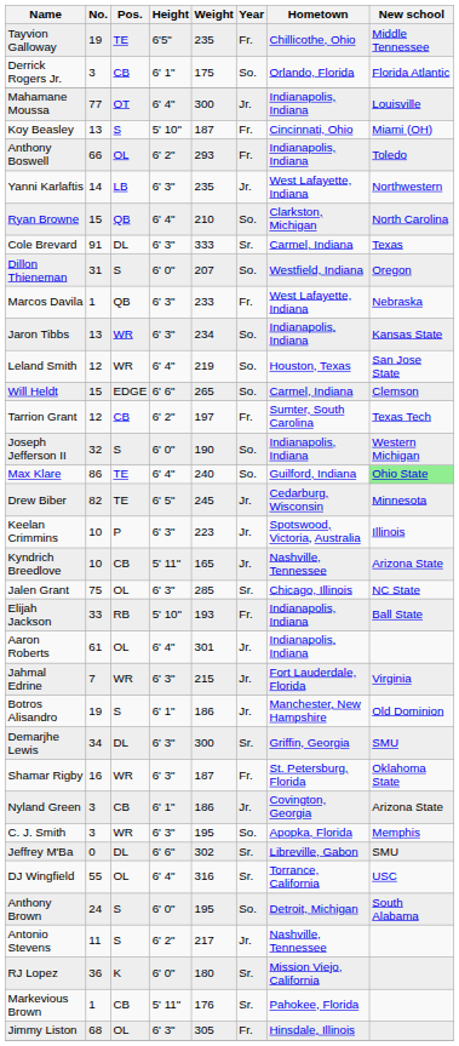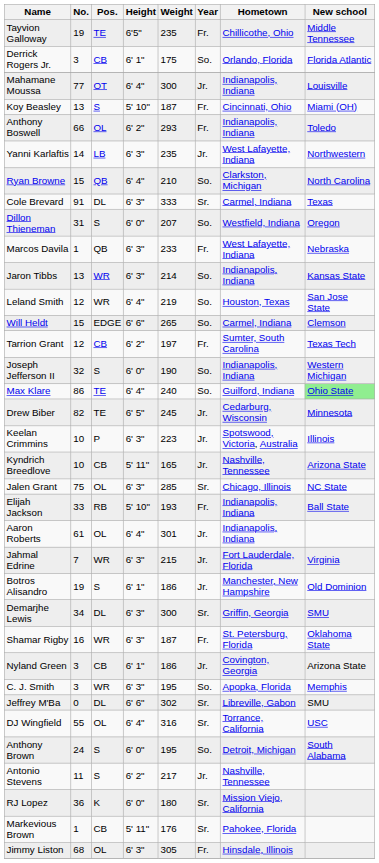 <table class="wikitable sortable" style="text-align:left">
 <tr>
 <th>Name</th>
 <th>No.</th>
 <th>Pos.</th>
 <th>Height</th>
 <th>Weight</th>
 <th>Year</th>
 <th>Hometown</th>
 <th>New school</th>
 </tr>
 <tr style="background:#eeeeee;">
 <td>Tayvion Galloway</td>
 <td>19</td>
 <td><a href='#'>TE</a></td>
 <td>6'5"</td>
 <td>235</td>
 <td>Fr.</td>
 <td><a href='#'>Chillicothe, Ohio</a></td>
 <td><a href='#'>Middle Tennessee</a></td>
 </tr>
 <tr>
 <td>Derrick Rogers Jr.</td>
 <td>3</td>
 <td><a href='#'>CB</a></td>
 <td>6' 1"</td>
 <td>175</td>
 <td>So.</td>
 <td><a href='#'>Orlando, Florida</a></td>
 <td><a href='#'>Florida Atlantic</a></td>
 </tr>
 <tr>
 </tr>
 <tr style="background:#eeeeee;">
 <td>Mahamane Moussa</td>
 <td>77</td>
 <td><a href='#'>OT</a></td>
 <td>6' 4"</td>
 <td>300</td>
 <td> Jr.</td>
 <td><a href='#'>Indianapolis, Indiana</a></td>
 <td><a href='#'>Louisville</a></td>
 </tr>
 <tr>
 <td>Koy Beasley</td>
 <td>13</td>
 <td><a href='#'>S</a></td>
 <td>5' 10"</td>
 <td>187</td>
 <td>Fr.</td>
 <td><a href='#'>Cincinnati, Ohio</a></td>
 <td><a href='#'>Miami (OH)</a></td>
 </tr>
 <tr style="background:#eeeeee;">
 <td>Anthony Boswell</td>
 <td>66</td>
 <td><a href='#'>OL</a></td>
 <td>6' 2"</td>
 <td>293</td>
 <td>Fr.</td>
 <td><a href='#'>Indianapolis, Indiana</a></td>
 <td><a href='#'>Toledo</a></td>
 </tr>
 <tr>
 <td>Yanni Karlaftis</td>
 <td>14</td>
 <td><a href='#'>LB</a></td>
 <td>6' 3"</td>
 <td>235</td>
 <td> Jr.</td>
 <td><a href='#'>West Lafayette, Indiana</a></td>
 <td><a href='#'>Northwestern</a></td>
 </tr>
 <tr style="background:#eeeeee;">
 <td><a href='#'>Ryan Browne</a></td>
 <td>15</td>
 <td><a href='#'>QB</a></td>
 <td>6' 4"</td>
 <td>210</td>
 <td>So.</td>
 <td><a href='#'>Clarkston, Michigan</a></td>
 <td><a href='#'>North Carolina</a></td>
 </tr>
 <tr>
 <td>Cole Brevard</td>
 <td>91</td>
 <td>DL</td>
 <td>6' 3"</td>
 <td>333</td>
 <td> Sr.</td>
 <td><a href='#'>Carmel, Indiana</a></td>
 <td><a href='#'>Texas</a></td>
 </tr>
 <tr style="background:#eeeeee;">
 <td><a href='#'>Dillon Thieneman</a></td>
 <td>31</td>
 <td>S</td>
 <td>6' 0"</td>
 <td>207</td>
 <td>So.</td>
 <td><a href='#'>Westfield, Indiana</a></td>
 <td><a href='#'>Oregon</a></td>
 </tr>
 <tr>
 <td>Marcos Davila</td>
 <td>1</td>
 <td>QB</td>
 <td>6' 3"</td>
 <td>233</td>
 <td>Fr.</td>
 <td><a href='#'>West Lafayette, Indiana</a></td>
 <td><a href='#'>Nebraska</a></td>
 </tr>
 <tr style="background:#eeeeee;">
 <td>Jaron Tibbs</td>
 <td>13</td>
 <td><a href='#'>WR</a></td>
 <td>6' 3"</td>
-<td>234</td>
+<td>214</td>
 <td>So.</td>
 <td><a href='#'>Indianapolis, Indiana</a></td>
 <td><a href='#'>Kansas State</a></td>
 </tr>
 <tr>
 <td>Leland Smith</td>
 <td>12</td>
 <td>WR</td>
 <td>6' 4"</td>
 <td>219</td>
 <td>So.</td>
 <td><a href='#'>Houston, Texas</a></td>
 <td><a href='#'>San Jose State</a></td>
 </tr>
 <tr style="background:#eeeeee;">
 <td><a href='#'>Will Heldt</a></td>
 <td>15</td>
 <td>EDGE</td>
 <td>6' 6"</td>
 <td>265</td>
 <td>So.</td>
 <td><a href='#'>Carmel, Indiana</a></td>
 <td><a href='#'>Clemson</a></td>
 </tr>
 <tr>
 <td>Tarrion Grant</td>
 <td>12</td>
 <td><a href='#'>CB</a></td>
 <td>6' 2"</td>
 <td>197</td>
 <td>Fr.</td>
 <td><a href='#'>Sumter, South Carolina</a></td>
 <td><a href='#'>Texas Tech</a></td>
 </tr>
 <tr style="background:#eeeeee;">
 <td>Joseph Jefferson II</td>
 <td>32</td>
 <td>S</td>
 <td>6' 0"</td>
 <td>190</td>
 <td> So.</td>
 <td><a href='#'>Indianapolis, Indiana</a></td>
 <td><a href='#'>Western Michigan</a></td>
 </tr>
 <tr>
 <td><a href='#'>Max Klare</a></td>
 <td>86</td>
 <td><a href='#'>TE</a></td>
 <td>6' 4"</td>
 <td>240</td>
 <td> So.</td>
 <td><a href='#'>Guilford, Indiana</a></td>
 <td style="background: lightgreen;"><a href='#'>Ohio State</a></td>
 </tr>
 <tr style="background:#eeeeee;">
 <td>Drew Biber</td>
 <td>82</td>
 <td>TE</td>
 <td>6' 5"</td>
 <td>245</td>
 <td> Jr.</td>
 <td><a href='#'>Cedarburg, Wisconsin</a></td>
 <td><a href='#'>Minnesota</a></td>
 </tr>
 <tr>
 <td>Keelan Crimmins</td>
 <td>10</td>
 <td>P</td>
 <td>6' 3"</td>
 <td>223</td>
 <td>Jr.</td>
 <td><a href='#'>Spotswood, Victoria</a>, <a href='#'>Australia</a></td>
 <td><a href='#'>Illinois</a></td>
 </tr>
 <tr style="background:#eeeeee;">
 <td>Kyndrich Breedlove</td>
 <td>10</td>
 <td>CB</td>
 <td>5' 11"</td>
 <td>165</td>
 <td> Jr.</td>
 <td><a href='#'>Nashville, Tennessee</a></td>
 <td><a href='#'>Arizona State</a></td>
 </tr>
 <tr>
 <td>Jalen Grant</td>
 <td>75</td>
 <td>OL</td>
 <td>6' 3"</td>
 <td>285</td>
 <td> Sr.</td>
 <td><a href='#'>Chicago, Illinois</a></td>
 <td><a href='#'>NC State</a></td>
 </tr>
 <tr style="background:#eeeeee;">
 <td>Elijah Jackson</td>
 <td>33</td>
 <td>RB</td>
 <td>5' 10"</td>
 <td>193</td>
 <td> Fr.</td>
 <td><a href='#'>Indianapolis, Indiana</a></td>
 <td><a href='#'>Ball State</a></td>
 </tr>
 <tr>
 <td>Aaron Roberts</td>
 <td>61</td>
 <td>OL</td>
 <td>6' 4"</td>
 <td>301</td>
 <td> Jr.</td>
 <td><a href='#'>Indianapolis, Indiana</a></td>
 <td></td>
 </tr>
 <tr style="background:#eeeeee;">
 <td>Jahmal Edrine</td>
 <td>7</td>
 <td>WR</td>
 <td>6' 3"</td>
 <td>215</td>
 <td> Jr.</td>
 <td><a href='#'>Fort Lauderdale, Florida</a></td>
 <td><a href='#'>Virginia</a></td>
 </tr>
 <tr>
 <td>Botros Alisandro</td>
 <td>19</td>
 <td>S</td>
 <td>6' 1"</td>
 <td>186</td>
 <td>Jr.</td>
 <td><a href='#'>Manchester, New Hampshire</a></td>
 <td><a href='#'>Old Dominion</a></td>
 </tr>
 <tr style="background:#eeeeee;">
 <td>Demarjhe Lewis</td>
 <td>34</td>
 <td>DL</td>
 <td>6' 3"</td>
 <td>300</td>
 <td> Sr.</td>
 <td><a href='#'>Griffin, Georgia</a></td>
 <td><a href='#'>SMU</a></td>
 </tr>
 <tr>
 <td>Shamar Rigby</td>
 <td>16</td>
 <td>WR</td>
 <td>6' 3"</td>
 <td>187</td>
 <td>Fr.</td>
 <td><a href='#'>St. Petersburg, Florida</a></td>
 <td><a href='#'>Oklahoma State</a></td>
 </tr>
 <tr style="background:#eeeeee;">
 <td>Nyland Green</td>
 <td>3</td>
 <td>CB</td>
 <td>6' 1"</td>
 <td>186</td>
 <td> Jr.</td>
 <td><a href='#'>Covington, Georgia</a></td>
 <td>Arizona State</td>
 </tr>
 <tr>
 <td>C. J. Smith</td>
 <td>3</td>
 <td>WR</td>
 <td>6' 3"</td>
 <td>195</td>
 <td> So.</td>
 <td><a href='#'>Apopka, Florida</a></td>
 <td><a href='#'>Memphis</a></td>
 </tr>
 <tr style="background:#eeeeee;">
 <td>Jeffrey M'Ba</td>
 <td>0</td>
 <td>DL</td>
 <td>6' 6"</td>
 <td>302</td>
 <td> Sr.</td>
 <td><a href='#'>Libreville, Gabon</a></td>
 <td>SMU</td>
 </tr>
 <tr>
 <td>DJ Wingfield</td>
 <td>55</td>
 <td>OL</td>
 <td>6' 4"</td>
 <td>316</td>
 <td> Sr.</td>
 <td><a href='#'>Torrance, California</a></td>
 <td><a href='#'>USC</a></td>
 </tr>
 <tr style="background:#eeeeee;">
 <td>Anthony Brown</td>
 <td>24</td>
 <td>S</td>
 <td>6' 0"</td>
 <td>195</td>
 <td> So.</td>
 <td><a href='#'>Detroit, Michigan</a></td>
 <td><a href='#'>South Alabama</a></td>
 </tr>
 <tr>
 <td>Antonio Stevens</td>
 <td>11</td>
 <td>S</td>
 <td>6' 2"</td>
 <td>217</td>
 <td> Jr.</td>
 <td><a href='#'>Nashville, Tennessee</a></td>
 <td></td>
 </tr>
 <tr style="background:#eeeeee;">
 <td>RJ Lopez</td>
 <td>36</td>
 <td>K</td>
 <td>6' 0"</td>
 <td>180</td>
 <td>Sr.</td>
 <td><a href='#'>Mission Viejo, California</a></td>
 <td></td>
 </tr>
 <tr>
 <td>Markevious Brown</td>
 <td>1</td>
 <td>CB</td>
 <td>5' 11"</td>
 <td>176</td>
 <td>Sr.</td>
 <td><a href='#'>Pahokee, Florida</a></td>
 <td></td>
 </tr>
 <tr style="background:#eeeeee;">
 <td>Jimmy Liston</td>
 <td>68</td>
 <td>OL</td>
 <td>6' 3"</td>
 <td>305</td>
 <td> Fr.</td>
 <td><a href='#'>Hinsdale, Illinois</a></td>
 <td></td>
 </tr>
 <tr>
 </tr>
 </table>
